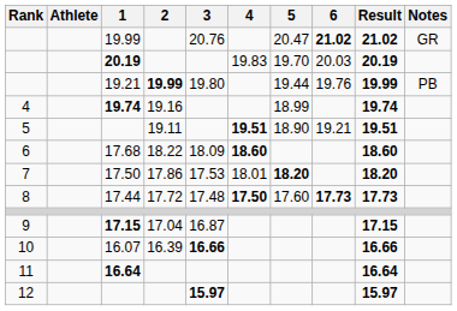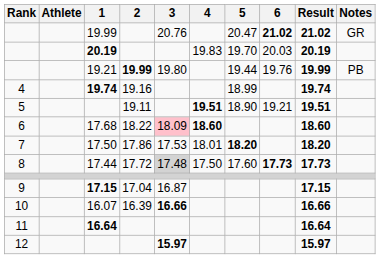 <table class="wikitable sortable" style="text-align:center">
 <tr>
 <th>Rank</th>
 <th>Athlete</th>
 <th>1</th>
 <th>2</th>
 <th>3</th>
 <th>4</th>
 <th>5</th>
 <th>6</th>
 <th>Result</th>
 <th>Notes</th>
 </tr>
 <tr>
 <td></td>
 <td align=left></td>
 <td>19.99</td>
 <td></td>
 <td>20.76</td>
 <td></td>
 <td>20.47</td>
 <td><strong>21.02</strong></td>
 <td><strong>21.02</strong></td>
 <td>GR</td>
 </tr>
 <tr>
 <td></td>
 <td align=left></td>
 <td><strong>20.19</strong></td>
 <td></td>
 <td></td>
 <td>19.83</td>
 <td>19.70</td>
 <td>20.03</td>
 <td><strong>20.19</strong></td>
 <td></td>
 </tr>
 <tr>
 <td></td>
 <td align=left></td>
 <td>19.21</td>
 <td><strong>19.99</strong></td>
 <td>19.80</td>
 <td></td>
 <td>19.44</td>
 <td>19.76</td>
 <td><strong>19.99</strong></td>
 <td>PB</td>
 </tr>
 <tr>
 <td>4</td>
 <td align=left></td>
 <td><strong>19.74</strong></td>
 <td>19.16</td>
 <td></td>
 <td></td>
 <td>18.99</td>
 <td></td>
 <td><strong>19.74</strong></td>
 <td></td>
 </tr>
 <tr>
 <td>5</td>
 <td align=left></td>
 <td></td>
 <td>19.11</td>
 <td></td>
 <td><strong>19.51</strong></td>
 <td>18.90</td>
 <td>19.21</td>
 <td><strong>19.51</strong></td>
 <td></td>
 </tr>
 <tr>
 <td>6</td>
 <td align=left></td>
 <td>17.68</td>
 <td>18.22</td>
-<td>18.09</td>
+<td style="background: pink;">18.09</td>
 <td><strong>18.60</strong></td>
 <td></td>
 <td></td>
 <td><strong>18.60</strong></td>
 <td></td>
 </tr>
 <tr>
 <td>7</td>
 <td align=left></td>
 <td>17.50</td>
 <td>17.86</td>
 <td>17.53</td>
 <td>18.01</td>
 <td><strong>18.20</strong></td>
 <td></td>
 <td><strong>18.20</strong></td>
 <td></td>
 </tr>
 <tr>
 <td>8</td>
 <td align=left></td>
 <td>17.44</td>
 <td>17.72</td>
-<td>17.48</td>
-<td><strong>17.50</strong></td>
+<td style="background: lightgrey;">17.48</td>
+<td>17.50</td>
 <td>17.60</td>
 <td><strong>17.73</strong></td>
 <td><strong>17.73</strong></td>
 <td></td>
 </tr>
 <tr>
 <td colspan=10 bgcolor=lightgray></td>
 </tr>
 <tr>
 <td>9</td>
 <td align=left></td>
 <td><strong>17.15</strong></td>
 <td>17.04</td>
 <td>16.87</td>
 <td></td>
 <td></td>
 <td></td>
 <td><strong>17.15</strong></td>
 <td></td>
 </tr>
 <tr>
 <td>10</td>
 <td align=left></td>
 <td>16.07</td>
 <td>16.39</td>
 <td><strong>16.66</strong></td>
 <td></td>
 <td></td>
 <td></td>
 <td><strong>16.66</strong></td>
 <td></td>
 </tr>
 <tr>
 <td>11</td>
 <td align=left></td>
 <td><strong>16.64</strong></td>
 <td></td>
 <td></td>
 <td></td>
 <td></td>
 <td></td>
 <td><strong>16.64</strong></td>
 <td></td>
 </tr>
 <tr>
 <td>12</td>
 <td align=left></td>
 <td></td>
 <td></td>
 <td><strong>15.97</strong></td>
 <td></td>
 <td></td>
 <td></td>
 <td><strong>15.97</strong></td>
 <td></td>
 </tr>
 </table>
